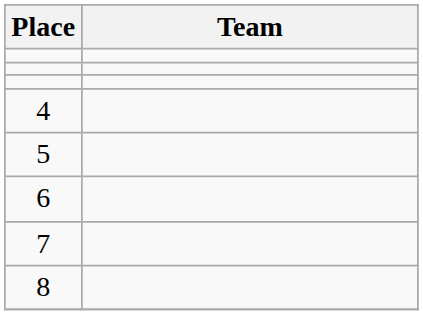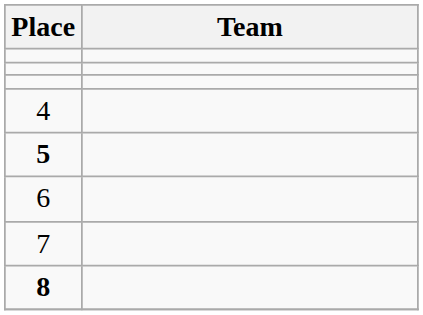 <table class=wikitable style=text-align:center>
 <tr>
 <th width=35>Place</th>
 <th width=185>Team</th>
 </tr>
 <tr>
 <td></td>
 <td style="text-align:left;"></td>
 </tr>
 <tr>
 <td></td>
 <td style="text-align:left;"></td>
 </tr>
 <tr>
 <td></td>
 <td style="text-align:left;"></td>
 </tr>
 <tr>
 <td>4</td>
 <td style="text-align:left;"></td>
 </tr>
 <tr>
-<td>5</td>
+<td><strong>5</strong></td>
 <td style="text-align:left;"></td>
 </tr>
 <tr>
 <td>6</td>
 <td style="text-align:left;"></td>
 </tr>
 <tr>
 <td>7</td>
 <td style="text-align:left;"></td>
 </tr>
 <tr>
-<td>8</td>
+<td><strong>8</strong></td>
 <td style="text-align:left;"></td>
 </tr>
 <tr>
 </tr>
 </table>
